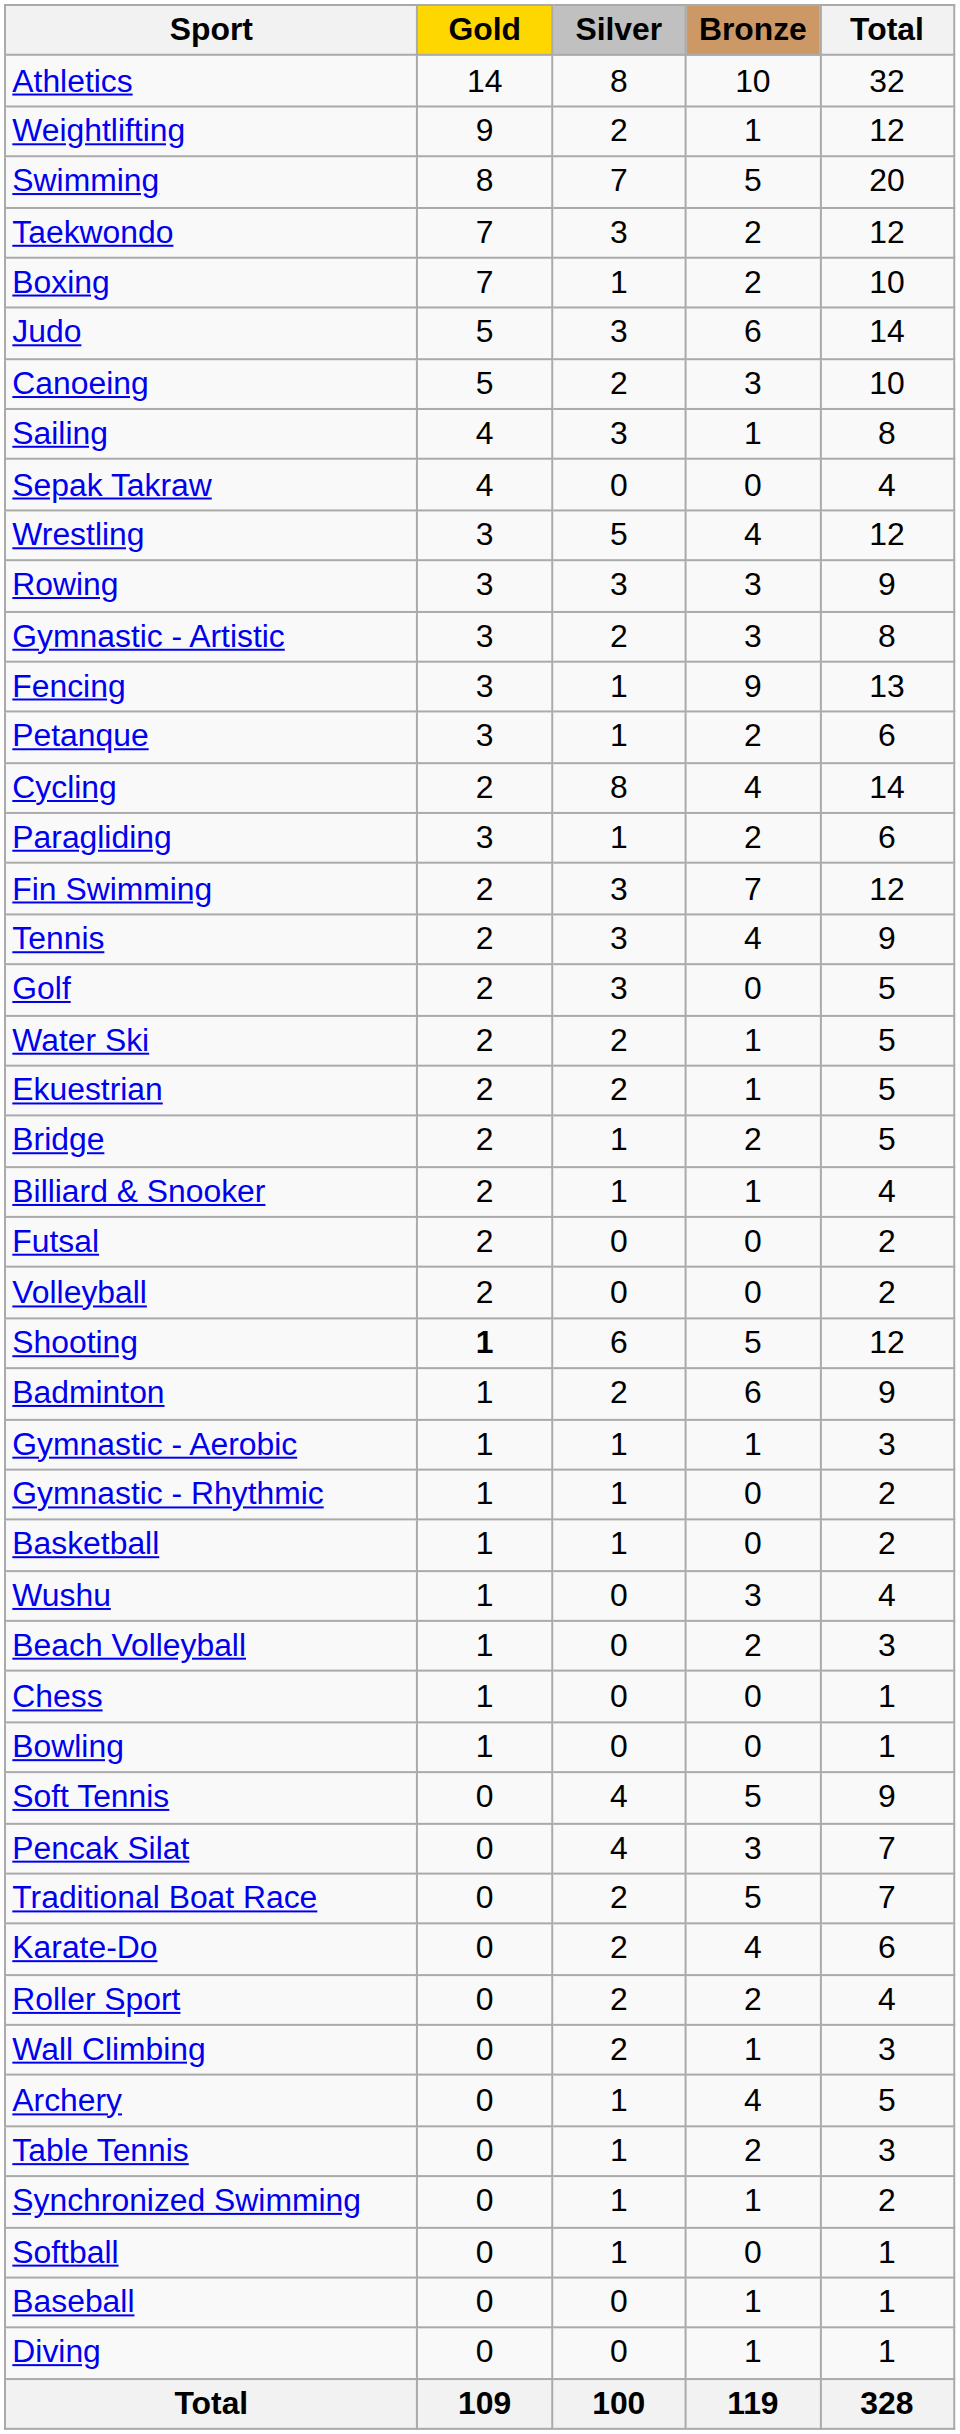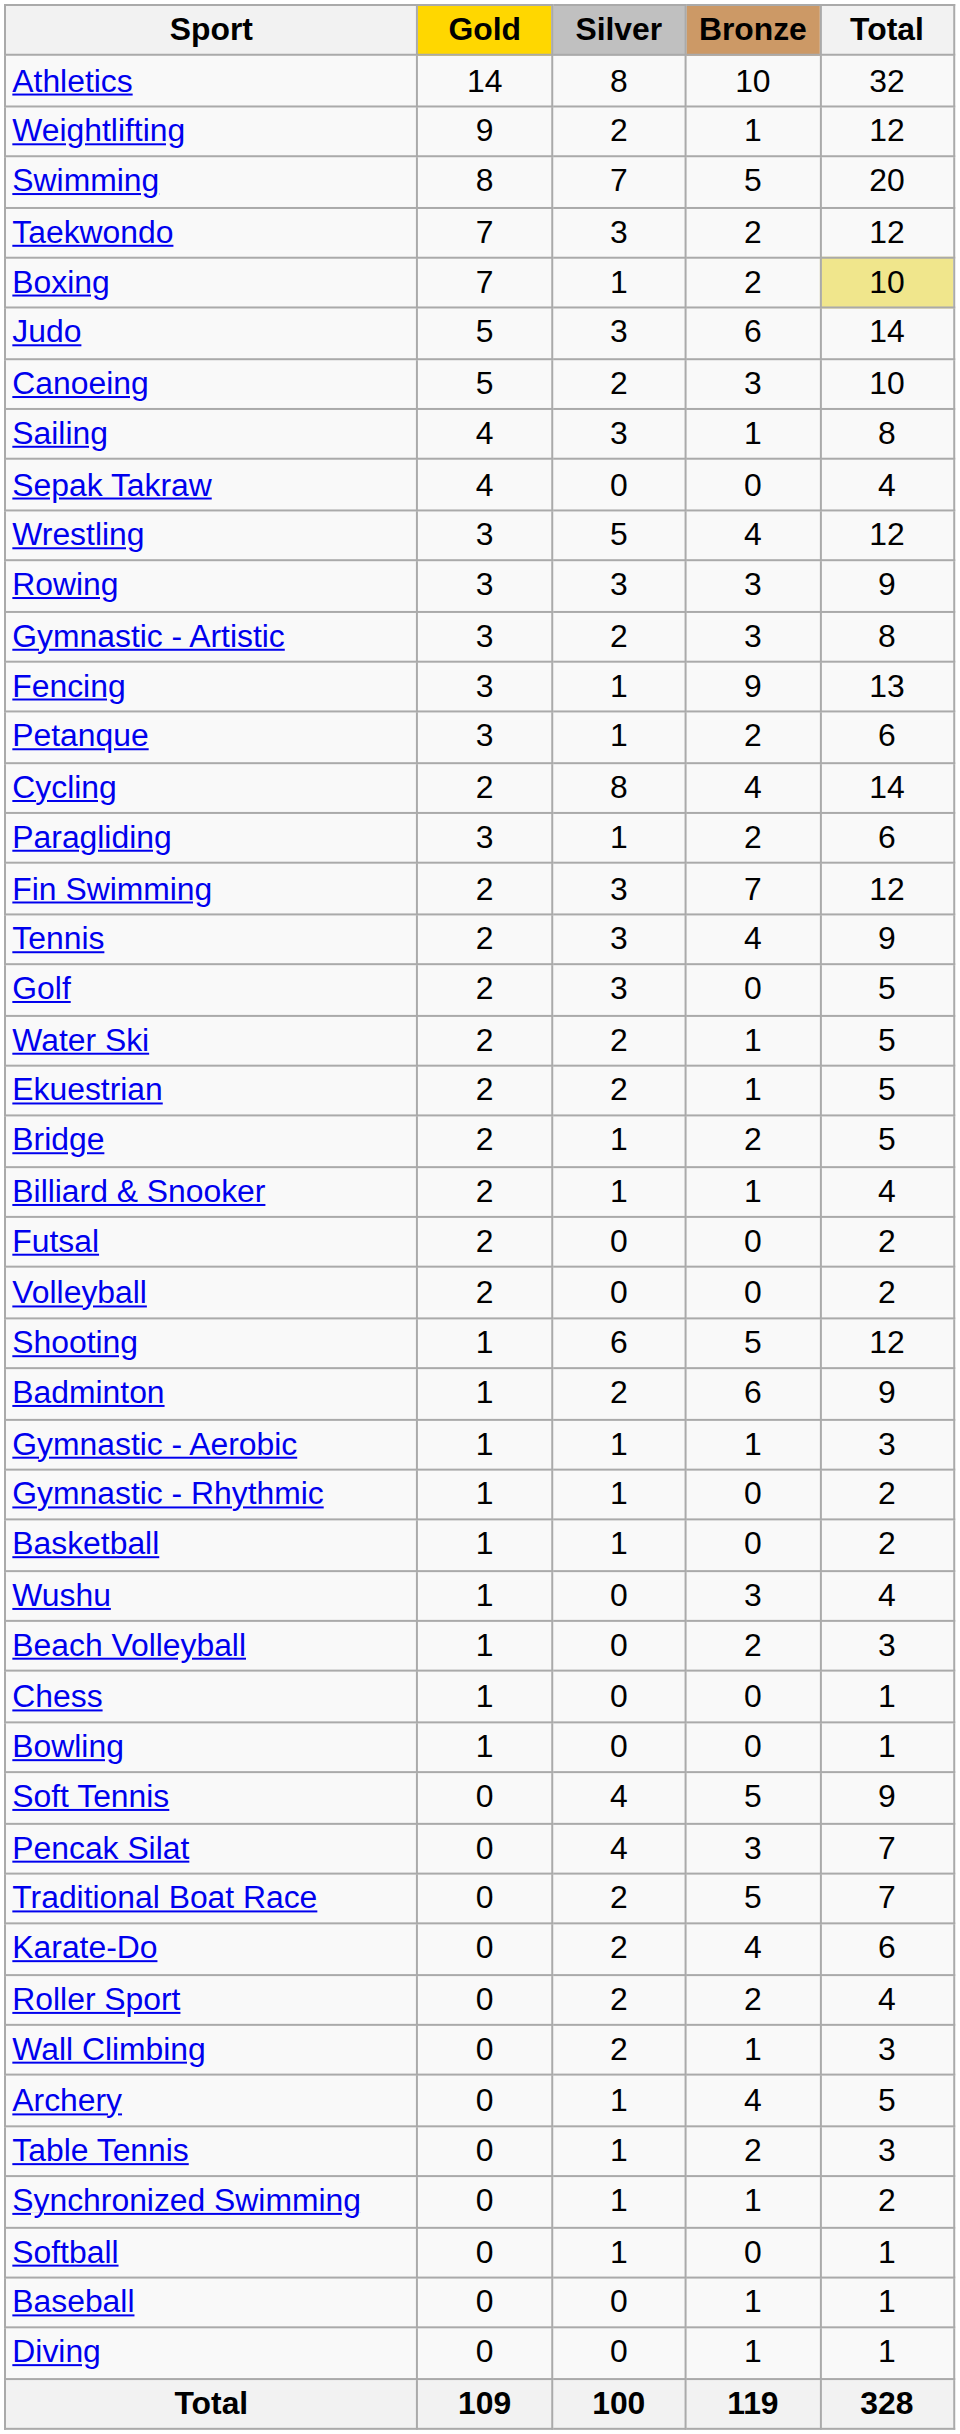 <table class="wikitable" style="text-align:center;">
 <tr>
 <th width=200>Sport</th>
 <td bgcolor=gold width=60><strong>Gold</strong></td>
 <td bgcolor=silver width=60><strong>Silver</strong></td>
 <td bgcolor=#cc9966 width=60><strong>Bronze</strong></td>
 <th width=60>Total</th>
 </tr>
 <tr>
 <td align=left><a href='#'>Athletics</a></td>
 <td>14</td>
 <td>8</td>
 <td>10</td>
 <td>32</td>
 </tr>
 <tr>
 <td align=left><a href='#'>Weightlifting</a></td>
 <td>9</td>
 <td>2</td>
 <td>1</td>
 <td>12</td>
 </tr>
 <tr>
 <td align=left><a href='#'>Swimming</a></td>
 <td>8</td>
 <td>7</td>
 <td>5</td>
 <td>20</td>
 </tr>
 <tr>
 <td align=left><a href='#'>Taekwondo</a></td>
 <td>7</td>
 <td>3</td>
 <td>2</td>
 <td>12</td>
 </tr>
 <tr>
 <td align=left><a href='#'>Boxing</a></td>
 <td>7</td>
 <td>1</td>
 <td>2</td>
-<td>10</td>
+<td style="background: khaki;">10</td>
 </tr>
 <tr>
 <td align=left><a href='#'>Judo</a></td>
 <td>5</td>
 <td>3</td>
 <td>6</td>
 <td>14</td>
 </tr>
 <tr>
 <td align=left><a href='#'>Canoeing</a></td>
 <td>5</td>
 <td>2</td>
 <td>3</td>
 <td>10</td>
 </tr>
 <tr>
 <td align=left><a href='#'>Sailing</a></td>
 <td>4</td>
 <td>3</td>
 <td>1</td>
 <td>8</td>
 </tr>
 <tr>
 <td align=left><a href='#'>Sepak Takraw</a></td>
 <td>4</td>
 <td>0</td>
 <td>0</td>
 <td>4</td>
 </tr>
 <tr>
 <td align=left><a href='#'>Wrestling</a></td>
 <td>3</td>
 <td>5</td>
 <td>4</td>
 <td>12</td>
 </tr>
 <tr>
 <td align=left><a href='#'>Rowing</a></td>
 <td>3</td>
 <td>3</td>
 <td>3</td>
 <td>9</td>
 </tr>
 <tr>
 <td align=left><a href='#'>Gymnastic - Artistic</a></td>
 <td>3</td>
 <td>2</td>
 <td>3</td>
 <td>8</td>
 </tr>
 <tr>
 <td align=left><a href='#'>Fencing</a></td>
 <td>3</td>
 <td>1</td>
 <td>9</td>
 <td>13</td>
 </tr>
 <tr>
 <td align=left><a href='#'>Petanque</a></td>
 <td>3</td>
 <td>1</td>
 <td>2</td>
 <td>6</td>
 </tr>
 <tr>
 <td align=left><a href='#'>Cycling</a></td>
 <td>2</td>
 <td>8</td>
 <td>4</td>
 <td>14</td>
 </tr>
 <tr>
 <td align=left><a href='#'>Paragliding</a></td>
 <td>3</td>
 <td>1</td>
 <td>2</td>
 <td>6</td>
 </tr>
 <tr>
 <td align=left><a href='#'>Fin Swimming</a></td>
 <td>2</td>
 <td>3</td>
 <td>7</td>
 <td>12</td>
 </tr>
 <tr>
 <td align=left><a href='#'>Tennis</a></td>
 <td>2</td>
 <td>3</td>
 <td>4</td>
 <td>9</td>
 </tr>
 <tr>
 <td align=left><a href='#'>Golf</a></td>
 <td>2</td>
 <td>3</td>
 <td>0</td>
 <td>5</td>
 </tr>
 <tr>
 <td align=left><a href='#'>Water Ski</a></td>
 <td>2</td>
 <td>2</td>
 <td>1</td>
 <td>5</td>
 </tr>
 <tr>
 <td align=left><a href='#'>Ekuestrian</a></td>
 <td>2</td>
 <td>2</td>
 <td>1</td>
 <td>5</td>
 </tr>
 <tr>
 <td align=left><a href='#'>Bridge</a></td>
 <td>2</td>
 <td>1</td>
 <td>2</td>
 <td>5</td>
 </tr>
 <tr>
 <td align=left><a href='#'>Billiard & Snooker</a></td>
 <td>2</td>
 <td>1</td>
 <td>1</td>
 <td>4</td>
 </tr>
 <tr>
 <td align=left><a href='#'>Futsal</a></td>
 <td>2</td>
 <td>0</td>
 <td>0</td>
 <td>2</td>
 </tr>
 <tr>
 <td align=left><a href='#'>Volleyball</a></td>
 <td>2</td>
 <td>0</td>
 <td>0</td>
 <td>2</td>
 </tr>
 <tr>
 <td align=left><a href='#'>Shooting</a></td>
-<td><strong>1</strong></td>
+<td>1</td>
 <td>6</td>
 <td>5</td>
 <td>12</td>
 </tr>
 <tr>
 <td align=left><a href='#'>Badminton</a></td>
 <td>1</td>
 <td>2</td>
 <td>6</td>
 <td>9</td>
 </tr>
 <tr>
 <td align=left><a href='#'>Gymnastic - Aerobic</a></td>
 <td>1</td>
 <td>1</td>
 <td>1</td>
 <td>3</td>
 </tr>
 <tr>
 <td align=left><a href='#'>Gymnastic - Rhythmic</a></td>
 <td>1</td>
 <td>1</td>
 <td>0</td>
 <td>2</td>
 </tr>
 <tr>
 <td align=left><a href='#'>Basketball</a></td>
 <td>1</td>
 <td>1</td>
 <td>0</td>
 <td>2</td>
 </tr>
 <tr>
 <td align=left><a href='#'>Wushu</a></td>
 <td>1</td>
 <td>0</td>
 <td>3</td>
 <td>4</td>
 </tr>
 <tr>
 <td align=left><a href='#'>Beach Volleyball</a></td>
 <td>1</td>
 <td>0</td>
 <td>2</td>
 <td>3</td>
 </tr>
 <tr>
 <td align=left><a href='#'>Chess</a></td>
 <td>1</td>
 <td>0</td>
 <td>0</td>
 <td>1</td>
 </tr>
 <tr>
 <td align=left><a href='#'>Bowling</a></td>
 <td>1</td>
 <td>0</td>
 <td>0</td>
 <td>1</td>
 </tr>
 <tr>
 <td align=left><a href='#'>Soft Tennis</a></td>
 <td>0</td>
 <td>4</td>
 <td>5</td>
 <td>9</td>
 </tr>
 <tr>
 <td align=left><a href='#'>Pencak Silat</a></td>
 <td>0</td>
 <td>4</td>
 <td>3</td>
 <td>7</td>
 </tr>
 <tr>
 <td align=left><a href='#'>Traditional Boat Race</a></td>
 <td>0</td>
 <td>2</td>
 <td>5</td>
 <td>7</td>
 </tr>
 <tr>
 <td align=left><a href='#'>Karate-Do</a></td>
 <td>0</td>
 <td>2</td>
 <td>4</td>
 <td>6</td>
 </tr>
 <tr>
 <td align=left><a href='#'>Roller Sport</a></td>
 <td>0</td>
 <td>2</td>
 <td>2</td>
 <td>4</td>
 </tr>
 <tr>
 <td align=left><a href='#'>Wall Climbing</a></td>
 <td>0</td>
 <td>2</td>
 <td>1</td>
 <td>3</td>
 </tr>
 <tr>
 <td align=left><a href='#'>Archery</a></td>
 <td>0</td>
 <td>1</td>
 <td>4</td>
 <td>5</td>
 </tr>
 <tr>
 <td align=left><a href='#'>Table Tennis</a></td>
 <td>0</td>
 <td>1</td>
 <td>2</td>
 <td>3</td>
 </tr>
 <tr>
 <td align=left><a href='#'>Synchronized Swimming</a></td>
 <td>0</td>
 <td>1</td>
 <td>1</td>
 <td>2</td>
 </tr>
 <tr>
 <td align=left><a href='#'>Softball</a></td>
 <td>0</td>
 <td>1</td>
 <td>0</td>
 <td>1</td>
 </tr>
 <tr>
 <td align=left><a href='#'>Baseball</a></td>
 <td>0</td>
 <td>0</td>
 <td>1</td>
 <td>1</td>
 </tr>
 <tr>
 <td align=left><a href='#'>Diving</a></td>
 <td>0</td>
 <td>0</td>
 <td>1</td>
 <td>1</td>
 </tr>
 <tr>
 <th>Total</th>
 <th>109</th>
 <th>100</th>
 <th>119</th>
 <th>328</th>
 </tr>
 </table>
